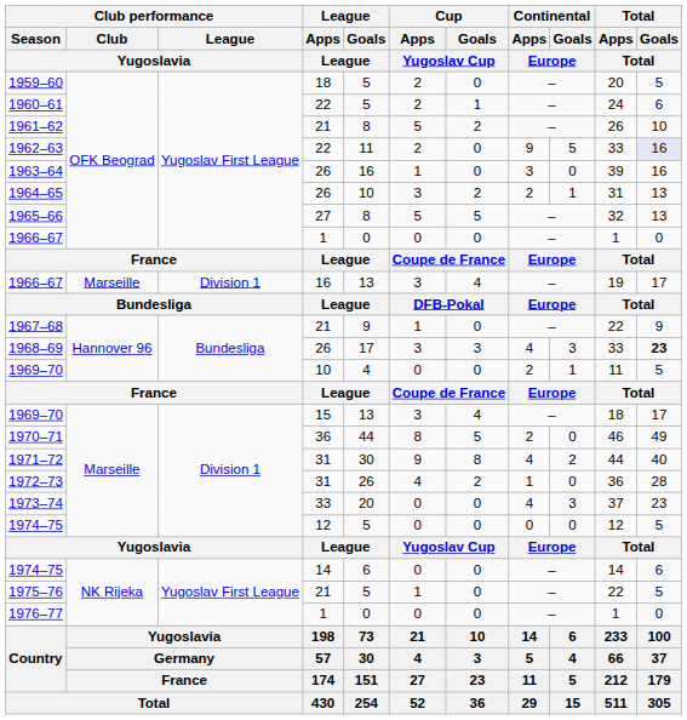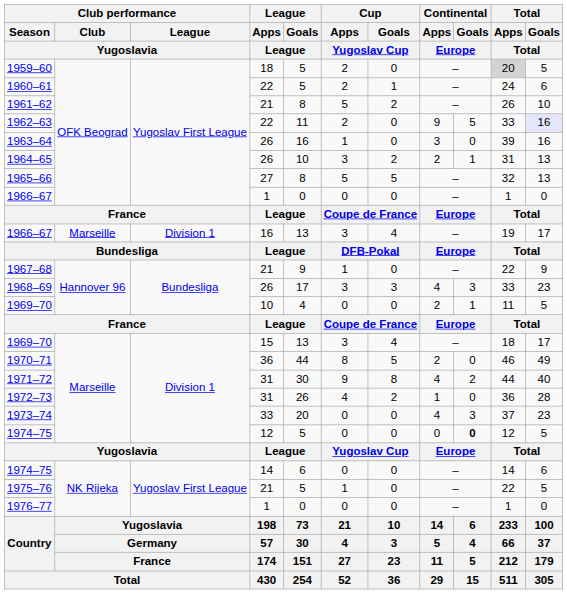 <table class="wikitable" style="text-align:center;">
 <tr>
 <th colspan=3>Club performance</th>
 <th colspan=2>League</th>
 <th colspan=2>Cup</th>
 <th colspan=2>Continental</th>
 <th colspan=2>Total</th>
 </tr>
 <tr>
 <th>Season</th>
 <th>Club</th>
 <th>League</th>
 <th>Apps</th>
 <th>Goals</th>
 <th>Apps</th>
 <th>Goals</th>
 <th>Apps</th>
 <th>Goals</th>
 <th>Apps</th>
 <th>Goals</th>
 </tr>
 <tr>
 <th colspan=3>Yugoslavia</th>
 <th colspan=2>League</th>
 <th colspan=2><a href='#'>Yugoslav Cup</a></th>
 <th colspan=2><a href='#'>Europe</a></th>
 <th colspan=2>Total</th>
 </tr>
 <tr>
 <td><a href='#'>1959–60</a></td>
 <td rowspan="8"><a href='#'>OFK Beograd</a></td>
 <td rowspan="8"><a href='#'>Yugoslav First League</a></td>
 <td>18</td>
 <td>5</td>
 <td>2</td>
 <td>0</td>
 <td colspan="2">–</td>
-<td>20</td>
+<td style="background: lightgrey;">20</td>
 <td>5</td>
 </tr>
 <tr>
 <td><a href='#'>1960–61</a></td>
 <td>22</td>
 <td>5</td>
 <td>2</td>
 <td>1</td>
 <td colspan="2">–</td>
 <td>24</td>
 <td>6</td>
 </tr>
 <tr>
 <td><a href='#'>1961–62</a></td>
 <td>21</td>
 <td>8</td>
 <td>5</td>
 <td>2</td>
 <td colspan="2">–</td>
 <td>26</td>
 <td>10</td>
 </tr>
 <tr>
 <td><a href='#'>1962–63</a></td>
 <td>22</td>
 <td>11</td>
 <td>2</td>
 <td>0</td>
 <td>9</td>
 <td>5</td>
 <td>33</td>
 <td style="background: lavender;">16</td>
 </tr>
 <tr>
 <td><a href='#'>1963–64</a></td>
 <td>26</td>
 <td>16</td>
 <td>1</td>
 <td>0</td>
 <td>3</td>
 <td>0</td>
 <td>39</td>
 <td>16</td>
 </tr>
 <tr>
 <td><a href='#'>1964–65</a></td>
 <td>26</td>
 <td>10</td>
 <td>3</td>
 <td>2</td>
 <td>2</td>
 <td>1</td>
 <td>31</td>
 <td>13</td>
 </tr>
 <tr>
 <td><a href='#'>1965–66</a></td>
 <td>27</td>
 <td>8</td>
 <td>5</td>
 <td>5</td>
 <td colspan="2">–</td>
 <td>32</td>
 <td>13</td>
 </tr>
 <tr>
 <td><a href='#'>1966–67</a></td>
 <td>1</td>
 <td>0</td>
 <td>0</td>
 <td>0</td>
 <td colspan="2">–</td>
 <td>1</td>
 <td>0</td>
 </tr>
 <tr>
 <th colspan=3>France</th>
 <th colspan=2>League</th>
 <th colspan=2><a href='#'>Coupe de France</a></th>
 <th colspan=2><a href='#'>Europe</a></th>
 <th colspan=2>Total</th>
 </tr>
 <tr>
 <td><a href='#'>1966–67</a></td>
 <td rowspan="1"><a href='#'>Marseille</a></td>
 <td rowspan="1"><a href='#'>Division 1</a></td>
 <td>16</td>
 <td>13</td>
 <td>3</td>
 <td>4</td>
 <td colspan="2">–</td>
 <td>19</td>
 <td>17</td>
 </tr>
 <tr>
 <th colspan=3>Bundesliga</th>
 <th colspan=2>League</th>
 <th colspan=2><a href='#'>DFB-Pokal</a></th>
 <th colspan=2><a href='#'>Europe</a></th>
 <th colspan=2>Total</th>
 </tr>
 <tr>
 <td><a href='#'>1967–68</a></td>
 <td rowspan="3"><a href='#'>Hannover 96</a></td>
 <td rowspan="3"><a href='#'>Bundesliga</a></td>
 <td>21</td>
 <td>9</td>
 <td>1</td>
 <td>0</td>
 <td colspan="2">–</td>
 <td>22</td>
 <td>9</td>
 </tr>
 <tr>
 <td><a href='#'>1968–69</a></td>
 <td>26</td>
 <td>17</td>
 <td>3</td>
 <td>3</td>
 <td>4</td>
 <td>3</td>
 <td>33</td>
-<td><strong>23</strong></td>
+<td>23</td>
 </tr>
 <tr>
 <td><a href='#'>1969–70</a></td>
 <td>10</td>
 <td>4</td>
 <td>0</td>
 <td>0</td>
 <td>2</td>
 <td>1</td>
 <td>11</td>
 <td>5</td>
 </tr>
 <tr>
 <th colspan=3>France</th>
 <th colspan=2>League</th>
 <th colspan=2><a href='#'>Coupe de France</a></th>
 <th colspan=2><a href='#'>Europe</a></th>
 <th colspan=2>Total</th>
 </tr>
 <tr>
 <td><a href='#'>1969–70</a></td>
 <td rowspan="6"><a href='#'>Marseille</a></td>
 <td rowspan="6"><a href='#'>Division 1</a></td>
 <td>15</td>
 <td>13</td>
 <td>3</td>
 <td>4</td>
 <td colspan="2">–</td>
 <td>18</td>
 <td>17</td>
 </tr>
 <tr>
 <td><a href='#'>1970–71</a></td>
 <td>36</td>
 <td>44</td>
 <td>8</td>
 <td>5</td>
 <td>2</td>
 <td>0</td>
 <td>46</td>
 <td>49</td>
 </tr>
 <tr>
 <td><a href='#'>1971–72</a></td>
 <td>31</td>
 <td>30</td>
 <td>9</td>
 <td>8</td>
 <td>4</td>
 <td>2</td>
 <td>44</td>
 <td>40</td>
 </tr>
 <tr>
 <td><a href='#'>1972–73</a></td>
 <td>31</td>
 <td>26</td>
 <td>4</td>
 <td>2</td>
 <td>1</td>
 <td>0</td>
 <td>36</td>
 <td>28</td>
 </tr>
 <tr>
 <td><a href='#'>1973–74</a></td>
 <td>33</td>
 <td>20</td>
 <td>0</td>
 <td>0</td>
 <td>4</td>
 <td>3</td>
 <td>37</td>
 <td>23</td>
 </tr>
 <tr>
 <td><a href='#'>1974–75</a></td>
 <td>12</td>
 <td>5</td>
 <td>0</td>
 <td>0</td>
 <td>0</td>
-<td>0</td>
+<td><strong>0</strong></td>
 <td>12</td>
 <td>5</td>
 </tr>
 <tr>
 <th colspan=3>Yugoslavia</th>
 <th colspan=2>League</th>
 <th colspan=2><a href='#'>Yugoslav Cup</a></th>
 <th colspan=2><a href='#'>Europe</a></th>
 <th colspan=2>Total</th>
 </tr>
 <tr>
 <td><a href='#'>1974–75</a></td>
 <td rowspan="3"><a href='#'>NK Rijeka</a></td>
 <td rowspan="3"><a href='#'>Yugoslav First League</a></td>
 <td>14</td>
 <td>6</td>
 <td>0</td>
 <td>0</td>
 <td colspan="2">–</td>
 <td>14</td>
 <td>6</td>
 </tr>
 <tr>
 <td><a href='#'>1975–76</a></td>
 <td>21</td>
 <td>5</td>
 <td>1</td>
 <td>0</td>
 <td colspan="2">–</td>
 <td>22</td>
 <td>5</td>
 </tr>
 <tr>
 <td><a href='#'>1976–77</a></td>
 <td>1</td>
 <td>0</td>
 <td>0</td>
 <td>0</td>
 <td colspan="2">–</td>
 <td>1</td>
 <td>0</td>
 </tr>
 <tr>
 <th rowspan=3>Country</th>
 <th colspan=2>Yugoslavia</th>
 <th>198</th>
 <th>73</th>
 <th>21</th>
 <th>10</th>
 <th>14</th>
 <th>6</th>
 <th>233</th>
 <th>100</th>
 </tr>
 <tr>
 <th colspan=2>Germany</th>
 <th>57</th>
 <th>30</th>
 <th>4</th>
 <th>3</th>
 <th>5</th>
 <th>4</th>
 <th>66</th>
 <th>37</th>
 </tr>
 <tr>
 <th colspan=2>France</th>
 <th>174</th>
 <th>151</th>
 <th>27</th>
 <th>23</th>
 <th>11</th>
 <th>5</th>
 <th>212</th>
 <th>179</th>
 </tr>
 <tr>
 <th colspan=3>Total</th>
 <th>430</th>
 <th>254</th>
 <th>52</th>
 <th>36</th>
 <th>29</th>
 <th>15</th>
 <th>511</th>
 <th>305</th>
 </tr>
 </table>
